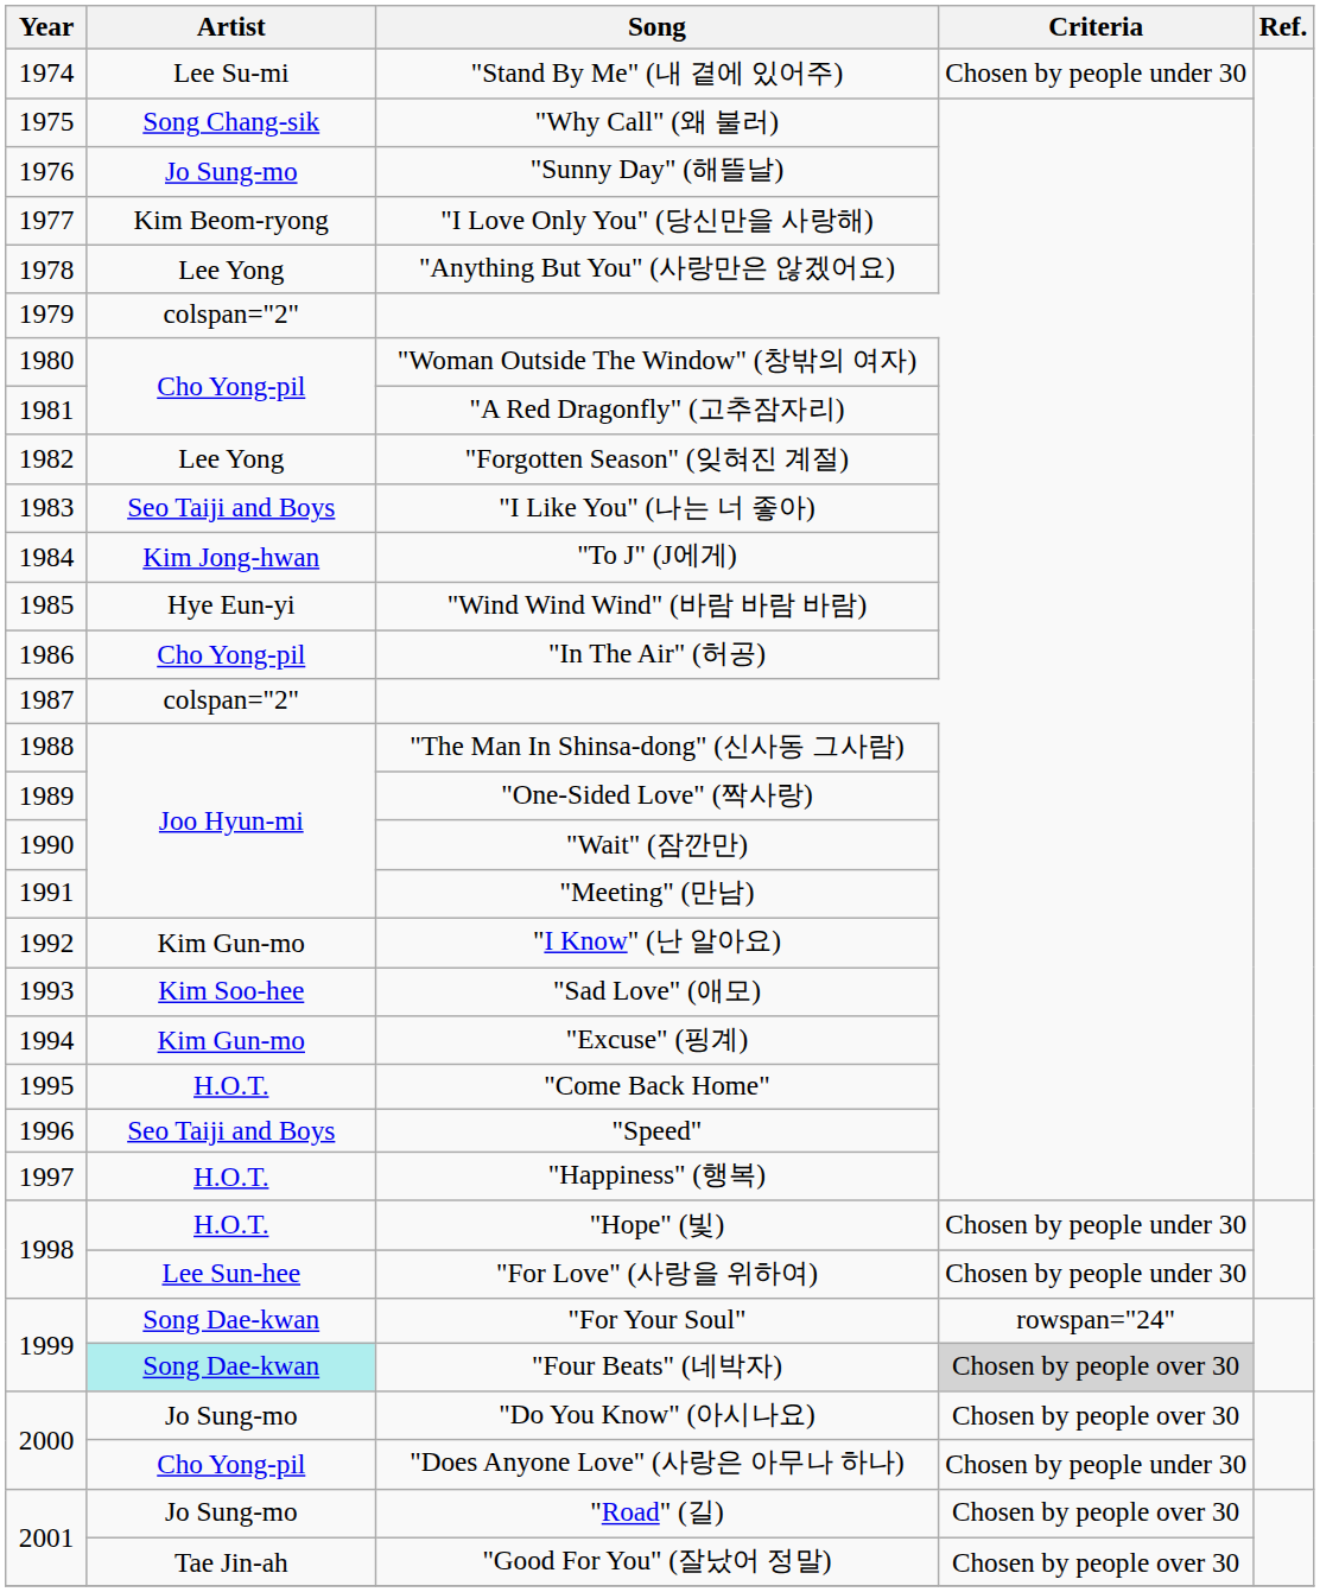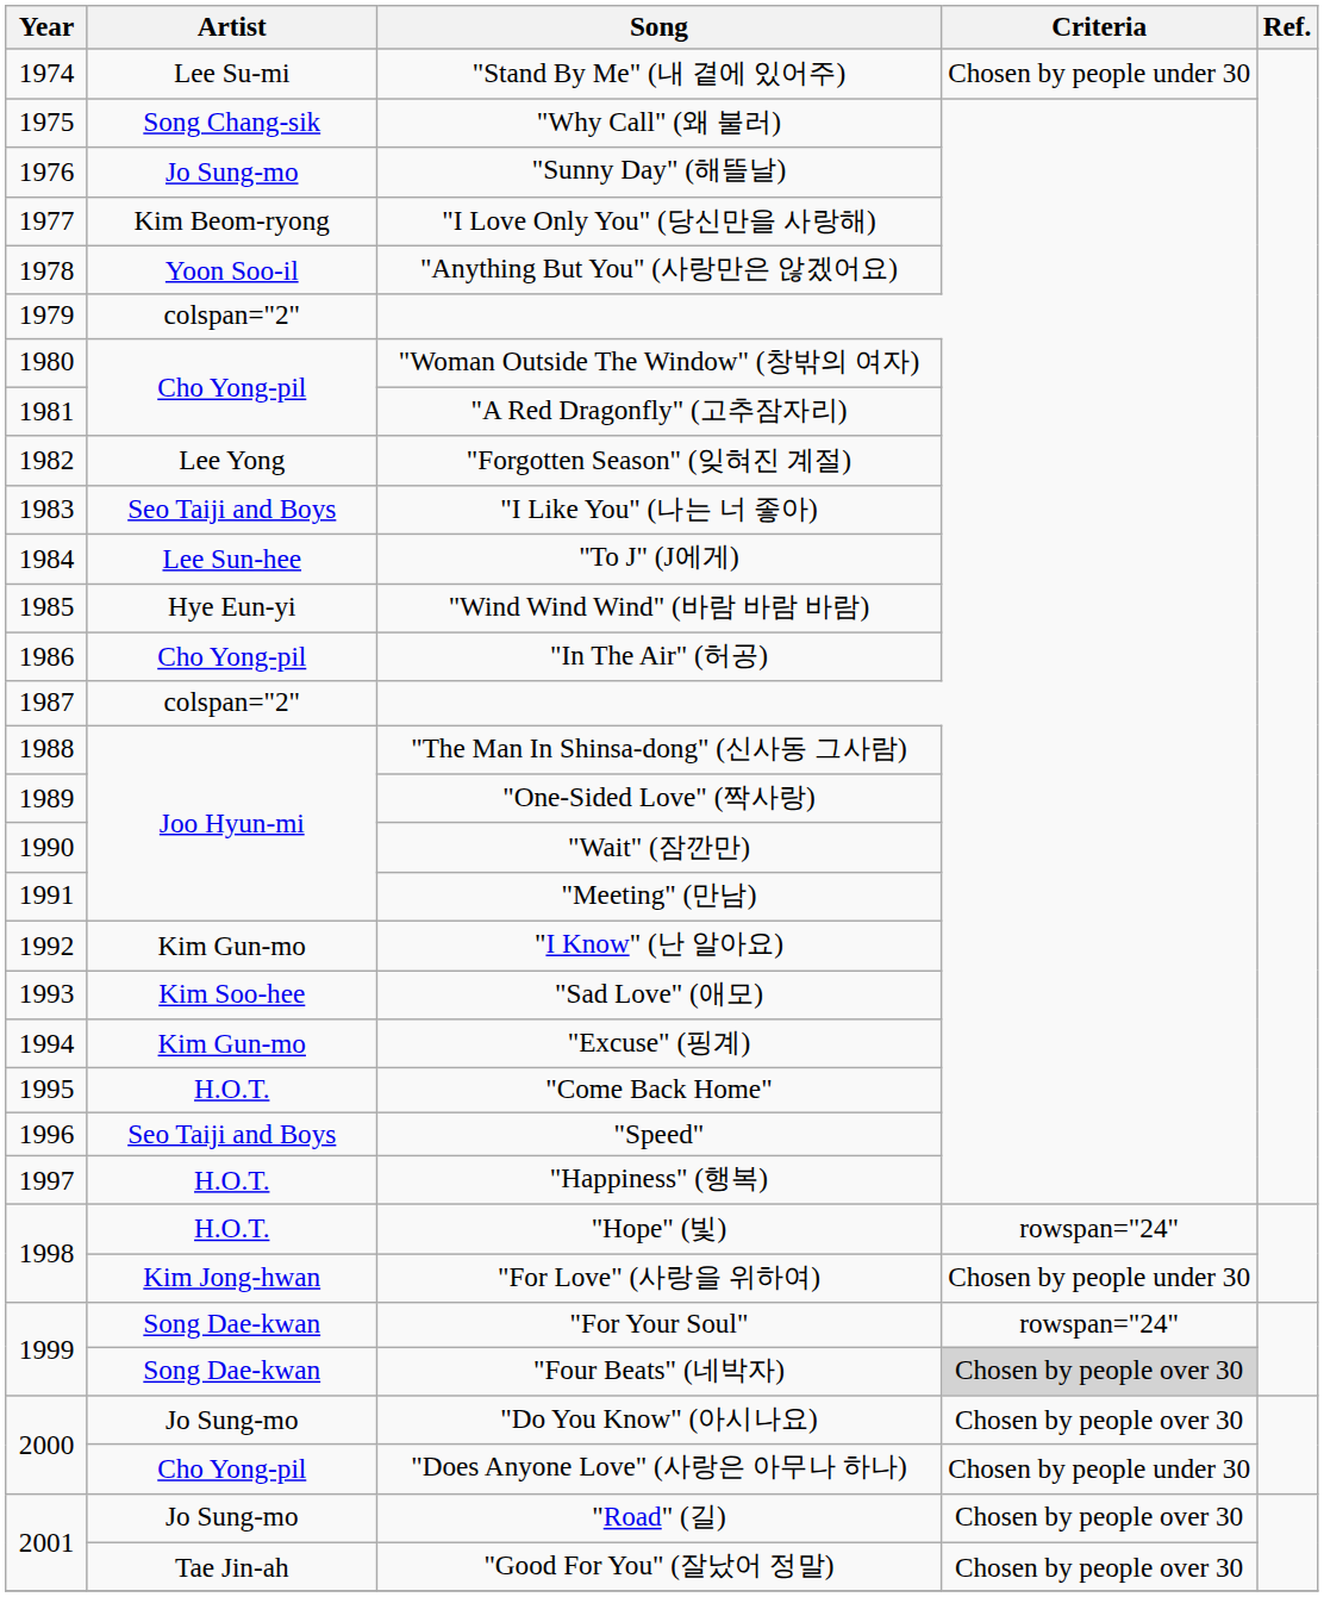 <table class="wikitable plainrowheaders" style="text-align:center;">
 <tr>
 <th style="width:2.5em">Year</th>
 <th style="width:10em">Artist</th>
 <th style="width:20em">Song</th>
 <th>Criteria</th>
 <th>Ref.</th>
 </tr>
 <tr>
 <td>1974</td>
 <td>Lee Su-mi</td>
 <td>"Stand By Me" (내 곁에 있어주)</td>
 <td>Chosen by people under 30</td>
 <td rowspan="24"></td>
 </tr>
 <tr>
 <td>1975</td>
 <td><a href='#'>Song Chang-sik</a></td>
 <td>"Why Call" (왜 불러)</td>
 </tr>
 <tr>
 <td>1976</td>
 <td><a href='#'>Jo Sung-mo</a></td>
 <td>"Sunny Day" (해뜰날)</td>
 </tr>
 <tr>
 <td>1977</td>
 <td>Kim Beom-ryong</td>
 <td>"I Love Only You" (당신만을 사랑해)</td>
 </tr>
 <tr>
 <td>1978</td>
-<td>Lee Yong</td>
+<td><a href='#'>Yoon Soo-il</a></td>
 <td>"Anything But You" (사랑만은 않겠어요)</td>
 </tr>
 <tr>
 <td>1979</td>
 <td>colspan="2" </td>
 </tr>
 <tr>
 <td>1980</td>
 <td rowspan="2"><a href='#'>Cho Yong-pil</a></td>
 <td>"Woman Outside The Window" (창밖의 여자)</td>
 </tr>
 <tr>
 <td>1981</td>
 <td>"A Red Dragonfly" (고추잠자리)</td>
 </tr>
 <tr>
 <td>1982</td>
 <td>Lee Yong</td>
 <td>"Forgotten Season" (잊혀진 계절)</td>
 </tr>
 <tr>
 <td>1983</td>
 <td><a href='#'>Seo Taiji and Boys</a></td>
 <td>"I Like You" (나는 너 좋아)</td>
 </tr>
 <tr>
 <td>1984</td>
-<td><a href='#'>Kim Jong-hwan</a></td>
+<td><a href='#'>Lee Sun-hee</a></td>
 <td>"To J" (J에게)</td>
 </tr>
 <tr>
 <td>1985</td>
 <td>Hye Eun-yi</td>
 <td>"Wind Wind Wind" (바람 바람 바람)</td>
 </tr>
 <tr>
 <td>1986</td>
 <td><a href='#'>Cho Yong-pil</a></td>
 <td>"In The Air" (허공)</td>
 </tr>
 <tr>
 <td>1987</td>
 <td>colspan="2" </td>
 </tr>
 <tr>
 <td>1988</td>
 <td rowspan="4"><a href='#'>Joo Hyun-mi</a></td>
 <td>"The Man In Shinsa-dong" (신사동 그사람)</td>
 </tr>
 <tr>
 <td>1989</td>
 <td>"One-Sided Love" (짝사랑)</td>
 </tr>
 <tr>
 <td>1990</td>
 <td>"Wait" (잠깐만)</td>
 </tr>
 <tr>
 <td>1991</td>
 <td>"Meeting" (만남)</td>
 </tr>
 <tr>
 <td>1992</td>
 <td>Kim Gun-mo</td>
 <td>"<a href='#'>I Know</a>" (난 알아요)</td>
 </tr>
 <tr>
 <td>1993</td>
 <td><a href='#'>Kim Soo-hee</a></td>
 <td>"Sad Love" (애모)</td>
 </tr>
 <tr>
 <td>1994</td>
 <td><a href='#'>Kim Gun-mo</a></td>
 <td>"Excuse" (핑계)</td>
 </tr>
 <tr>
 <td>1995</td>
 <td><a href='#'>H.O.T.</a></td>
 <td>"Come Back Home"</td>
 </tr>
 <tr>
 <td>1996</td>
 <td><a href='#'>Seo Taiji and Boys</a></td>
 <td>"Speed"</td>
 </tr>
 <tr>
 <td>1997</td>
 <td><a href='#'>H.O.T.</a></td>
 <td>"Happiness" (행복)</td>
 </tr>
 <tr>
 <td rowspan="2">1998</td>
 <td><a href='#'>H.O.T.</a></td>
 <td>"Hope" (빛)</td>
-<td>Chosen by people under 30</td>
+<td>rowspan="24" </td>
 <td rowspan="2"></td>
 </tr>
 <tr>
-<td><a href='#'>Lee Sun-hee</a></td>
+<td><a href='#'>Kim Jong-hwan</a></td>
 <td>"For Love" (사랑을 위하여)</td>
 <td>Chosen by people under 30</td>
 </tr>
 <tr>
 <td rowspan="2">1999</td>
 <td><a href='#'>Song Dae-kwan</a></td>
 <td>"For Your Soul"</td>
 <td>rowspan="24" </td>
 <td rowspan="2"></td>
 </tr>
 <tr>
-<td style="background: paleturquoise;"><a href='#'>Song Dae-kwan</a></td>
+<td><a href='#'>Song Dae-kwan</a></td>
 <td>"Four Beats" (네박자)</td>
 <td style="background: lightgrey;">Chosen by people over 30</td>
 </tr>
 <tr>
 <td rowspan="2">2000</td>
 <td>Jo Sung-mo</td>
 <td>"Do You Know" (아시나요)</td>
 <td>Chosen by people over 30</td>
 <td rowspan="2"></td>
 </tr>
 <tr>
 <td><a href='#'>Cho Yong-pil</a></td>
 <td>"Does Anyone Love" (사랑은 아무나 하나)</td>
 <td>Chosen by people under 30</td>
 </tr>
 <tr>
 <td rowspan="2">2001</td>
 <td>Jo Sung-mo</td>
 <td>"<a href='#'>Road</a>" (길)</td>
 <td>Chosen by people over 30</td>
 <td rowspan="2"></td>
 </tr>
 <tr>
 <td>Tae Jin-ah</td>
 <td>"Good For You" (잘났어 정말)</td>
 <td>Chosen by people over 30</td>
 </tr>
 <tr>
 </tr>
 </table>
